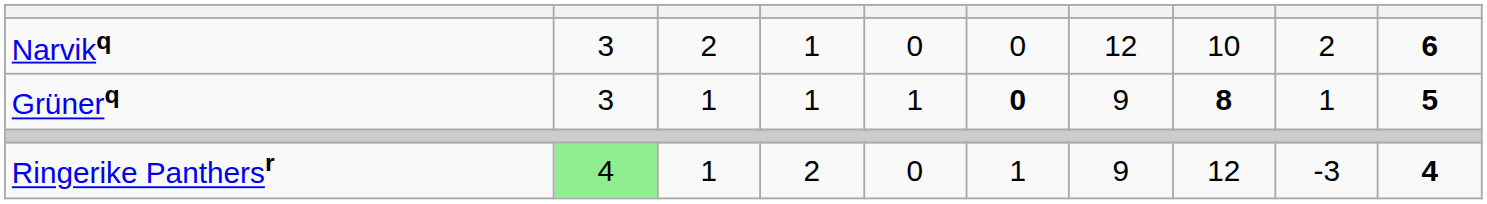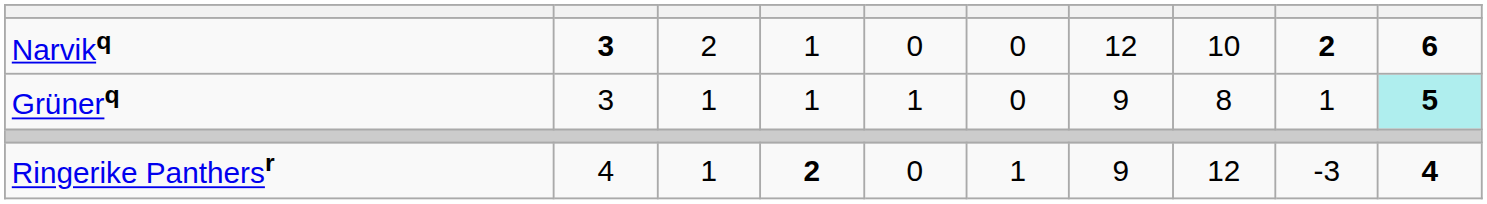 <table class="wikitable">
 <tr>
 <th style="width:18em;"></th>
 <th style="width:3em;"></th>
 <th style="width:3em;"></th>
 <th style="width:3em;"></th>
 <th style="width:3em;"></th>
 <th style="width:3em;"></th>
 <th style="width:3em;"></th>
 <th style="width:3em;"></th>
 <th style="width:3em;"></th>
 <th style="width:3em;"></th>
 </tr>
 <tr align=center>
 <td align=left><a href='#'>Narvik</a><sup><strong>q</strong></sup></td>
-<td>3</td>
+<td><strong>3</strong></td>
 <td>2</td>
 <td>1</td>
 <td>0</td>
 <td>0</td>
 <td>12</td>
 <td>10</td>
-<td>2</td>
+<td><strong>2</strong></td>
 <td><strong>6</strong></td>
 </tr>
 <tr align=center>
 <td align=left><a href='#'>Grüner</a><sup><strong>q</strong></sup></td>
 <td>3</td>
 <td>1</td>
 <td>1</td>
 <td>1</td>
-<td><strong>0</strong></td>
+<td>0</td>
 <td>9</td>
-<td><strong>8</strong></td>
+<td>8</td>
 <td>1</td>
-<td><strong>5</strong></td>
+<td style="background: paleturquoise;"><strong>5</strong></td>
 </tr>
 <tr bgcolor="#cccccc" class="unsortable">
 <td colspan=10></td>
 </tr>
 <tr align=center>
 <td align=left><a href='#'>Ringerike Panthers</a><sup><strong>r</strong></sup></td>
-<td style="background: lightgreen;">4</td>
+<td>4</td>
 <td>1</td>
-<td>2</td>
+<td><strong>2</strong></td>
 <td>0</td>
 <td>1</td>
 <td>9</td>
 <td>12</td>
 <td>-3</td>
 <td><strong>4</strong></td>
 </tr>
 </table>
